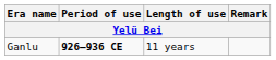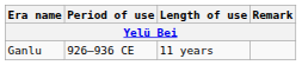 <table class="wikitable">
 <tr>
 <th>Era name</th>
 <th>Period of use</th>
 <th>Length of use</th>
 <th>Remark</th>
 </tr>
 <tr>
 <th colspan="4"><a href='#'>Yelü Bei</a><br></th>
 </tr>
 <tr>
 <td>Ganlu<br></td>
-<td><strong>926–936 CE</strong></td>
+<td>926–936 CE</td>
 <td>11 years</td>
 <td></td>
 </tr>
 </table>
